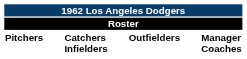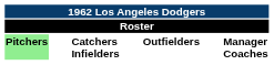 <table class="toccolours" style="font-size: 95%;">
 <tr>
 <th colspan="10" style="background-color: #083c6b; color: white; text-align: center;">1962 Los Angeles Dodgers</th>
 </tr>
 <tr>
 <td colspan="10" style="background-color: black; color: white; text-align: center;"><strong>Roster</strong></td>
 </tr>
 <tr>
-<td valign="top"><strong>Pitchers</strong><br>                     </td>
+<td valign="top" style="background: lightgreen;"><strong>Pitchers</strong><br>                     </td>
 <td width="25px"></td>
 <td valign="top"><strong>Catchers</strong><br>   <strong>Infielders</strong>        </td>
 <td width="25px"></td>
 <td valign="top"><strong>Outfielders</strong><br>      </td>
 <td width="25px"></td>
 <td valign="top"><strong>Manager</strong><br> <strong>Coaches</strong>    </td>
 </tr>
 </table>
